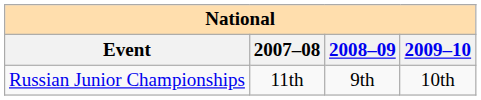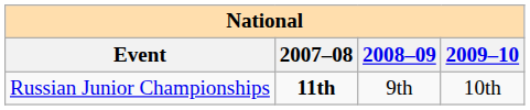 <table class="wikitable" style="text-align:center">
 <tr>
 <th style="background-color: #ffdead; " colspan=4 align=center><strong>National</strong></th>
 </tr>
 <tr>
 <th>Event</th>
 <th>2007–08</th>
 <th><a href='#'>2008–09</a></th>
 <th><a href='#'>2009–10</a></th>
 </tr>
 <tr>
 <td align=left><a href='#'>Russian Junior Championships</a></td>
-<td>11th</td>
+<td><strong>11th</strong></td>
 <td>9th</td>
 <td>10th</td>
 </tr>
 </table>
